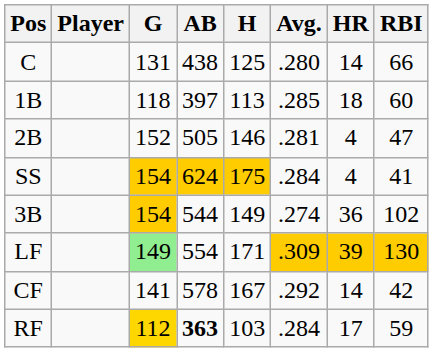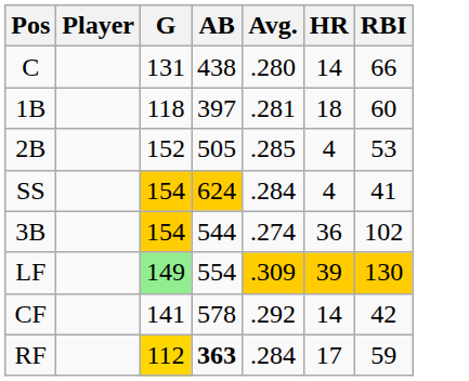 <table class="wikitable sortable">
 <tr>
 <th>Pos</th>
 <th>Player</th>
 <th>G</th>
 <th>AB</th>
-<th>H</th>
 <th>Avg.</th>
 <th>HR</th>
 <th>RBI</th>
 </tr>
 <tr align="center">
 <td>C</td>
 <td></td>
 <td>131</td>
 <td>438</td>
-<td>125</td>
 <td>.280</td>
 <td>14</td>
 <td>66</td>
 </tr>
 <tr align="center">
 <td>1B</td>
 <td></td>
 <td>118</td>
 <td>397</td>
-<td>113</td>
-<td>.285</td>
+<td>.281</td>
 <td>18</td>
 <td>60</td>
 </tr>
 <tr align="center">
 <td>2B</td>
 <td></td>
 <td>152</td>
 <td>505</td>
-<td>146</td>
-<td>.281</td>
+<td>.285</td>
 <td>4</td>
-<td>47</td>
+<td>53</td>
 </tr>
 <tr align="center">
 <td>SS</td>
 <td></td>
 <td bgcolor=#ffcc00>154</td>
 <td bgcolor=#ffcc00>624</td>
-<td bgcolor=#ffcc00>175</td>
 <td>.284</td>
 <td>4</td>
 <td>41</td>
 </tr>
 <tr align="center">
 <td>3B</td>
 <td></td>
 <td bgcolor=#ffcc00>154</td>
 <td>544</td>
-<td>149</td>
 <td>.274</td>
 <td>36</td>
 <td>102</td>
 </tr>
 <tr align="center">
 <td>LF</td>
 <td></td>
 <td style="background: lightgreen;">149</td>
 <td>554</td>
-<td>171</td>
 <td bgcolor=#ffcc00>.309</td>
 <td bgcolor=#ffcc00>39</td>
 <td bgcolor=#ffcc00>130</td>
 </tr>
 <tr align="center">
 <td>CF</td>
 <td></td>
 <td>141</td>
 <td>578</td>
-<td>167</td>
 <td>.292</td>
 <td>14</td>
 <td>42</td>
 </tr>
 <tr align="center">
 <td>RF</td>
 <td></td>
 <td style="background: gold;">112</td>
 <td><strong>363</strong></td>
-<td>103</td>
 <td>.284</td>
 <td>17</td>
 <td>59</td>
 </tr>
 </table>
